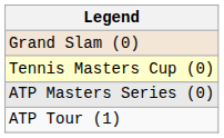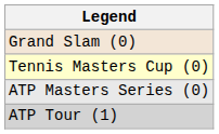 <table class="wikitable sortable mw-collapsible mw-collapsed">
 <tr>
 <th>Legend</th>
 </tr>
 <tr style="background:#f3e6d7;">
 <td>Grand Slam (0)</td>
 </tr>
 <tr style="background:#ffffcc;">
 <td>Tennis Masters Cup (0)</td>
 </tr>
 <tr style="background:#e9e9e9;">
 <td>ATP Masters Series (0)</td>
 </tr>
 <tr>
-<td>ATP Tour (1)</td>
+<td style="background: lightgrey;">ATP Tour (1)</td>
 </tr>
 </table>
